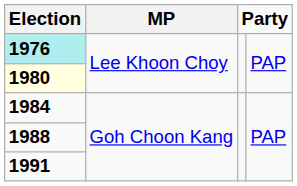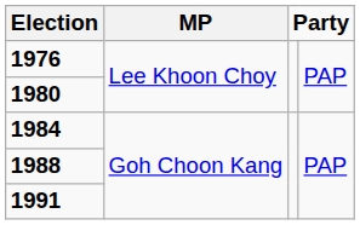 <table class="wikitable">
 <tr>
 <th>Election</th>
 <th>MP</th>
 <td colspan="2"><strong>Party</strong></td>
 </tr>
 <tr>
-<td style="background: paleturquoise;"><strong>1976</strong></td>
+<td><strong>1976</strong></td>
 <td rowspan="2"><a href='#'>Lee Khoon Choy</a></td>
 <td rowspan="2"></td>
 <td rowspan="2"><a href='#'>PAP</a></td>
 </tr>
 <tr>
-<td style="background: lightyellow;"><strong>1980</strong></td>
+<td><strong>1980</strong></td>
 </tr>
 <tr>
 <td><strong>1984</strong></td>
 <td rowspan="3"><a href='#'>Goh Choon Kang</a></td>
 <td rowspan="3"></td>
 <td rowspan="3"><a href='#'>PAP</a></td>
 </tr>
 <tr>
 <td><strong>1988</strong></td>
 </tr>
 <tr>
 <td><strong>1991</strong></td>
 </tr>
 </table>
